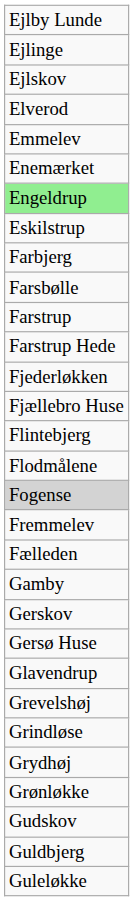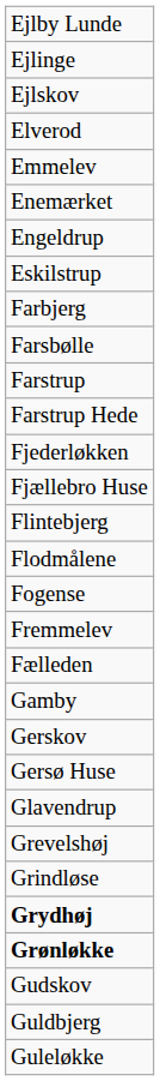 <table class="wikitable" style="float:left; margin-right:1em">
 <tr>
 <td>Ejlby Lunde</td>
 </tr>
 <tr>
 <td>Ejlinge</td>
 </tr>
 <tr>
 <td>Ejlskov</td>
 </tr>
 <tr>
 <td>Elverod</td>
 </tr>
 <tr>
 <td>Emmelev</td>
 </tr>
 <tr>
 <td>Enemærket</td>
 </tr>
 <tr>
-<td style="background: lightgreen;">Engeldrup</td>
+<td>Engeldrup</td>
 </tr>
 <tr>
 <td>Eskilstrup</td>
 </tr>
 <tr>
 <td>Farbjerg</td>
 </tr>
 <tr>
 <td>Farsbølle</td>
 </tr>
 <tr>
 <td>Farstrup</td>
 </tr>
 <tr>
 <td>Farstrup Hede</td>
 </tr>
 <tr>
 <td>Fjederløkken</td>
 </tr>
 <tr>
 <td>Fjællebro Huse</td>
 </tr>
 <tr>
 <td>Flintebjerg</td>
 </tr>
 <tr>
 <td>Flodmålene</td>
 </tr>
 <tr>
-<td style="background: lightgrey;">Fogense</td>
+<td>Fogense</td>
 </tr>
 <tr>
 <td>Fremmelev</td>
 </tr>
 <tr>
 <td>Fælleden</td>
 </tr>
 <tr>
 <td>Gamby</td>
 </tr>
 <tr>
 <td>Gerskov</td>
 </tr>
 <tr>
 <td>Gersø Huse</td>
 </tr>
 <tr>
 <td>Glavendrup</td>
 </tr>
 <tr>
 <td>Grevelshøj</td>
 </tr>
 <tr>
 <td>Grindløse</td>
 </tr>
 <tr>
-<td>Grydhøj</td>
+<td><strong>Grydhøj</strong></td>
 </tr>
 <tr>
-<td>Grønløkke</td>
+<td><strong>Grønløkke</strong></td>
 </tr>
 <tr>
 <td>Gudskov</td>
 </tr>
 <tr>
 <td>Guldbjerg</td>
 </tr>
 <tr>
 <td>Guleløkke</td>
 </tr>
 </table>
